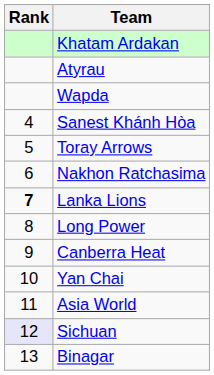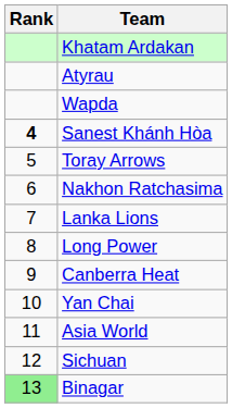 <table class="wikitable" style="text-align:center;">
 <tr>
 <th width=40>Rank</th>
 <th>Team</th>
 </tr>
 <tr bgcolor=#ccffcc>
 <td></td>
 <td style="text-align:left;"> <a href='#'>Khatam Ardakan</a></td>
 </tr>
 <tr>
 <td></td>
 <td style="text-align:left;"> <a href='#'>Atyrau</a></td>
 </tr>
 <tr>
 <td></td>
 <td style="text-align:left;"> <a href='#'>Wapda</a></td>
 </tr>
 <tr>
-<td>4</td>
+<td><strong>4</strong></td>
 <td style="text-align:left;"> <a href='#'>Sanest Khánh Hòa</a></td>
 </tr>
 <tr>
 <td>5</td>
 <td style="text-align:left;"> <a href='#'>Toray Arrows</a></td>
 </tr>
 <tr>
 <td>6</td>
 <td style="text-align:left;"> <a href='#'>Nakhon Ratchasima</a></td>
 </tr>
 <tr>
-<td><strong>7</strong></td>
+<td>7</td>
 <td style="text-align:left;"> <a href='#'>Lanka Lions</a></td>
 </tr>
 <tr>
 <td>8</td>
 <td style="text-align:left;"> <a href='#'>Long Power</a></td>
 </tr>
 <tr>
 <td>9</td>
 <td style="text-align:left;"> <a href='#'>Canberra Heat</a></td>
 </tr>
 <tr>
 <td>10</td>
 <td style="text-align:left;"> <a href='#'>Yan Chai</a></td>
 </tr>
 <tr>
 <td>11</td>
 <td style="text-align:left;"> <a href='#'>Asia World</a></td>
 </tr>
 <tr>
-<td style="background: lavender;">12</td>
+<td>12</td>
 <td style="text-align:left;"> <a href='#'>Sichuan</a></td>
 </tr>
 <tr>
-<td>13</td>
+<td style="background: lightgreen;">13</td>
 <td style="text-align:left;"> <a href='#'>Binagar</a></td>
 </tr>
 </table>
